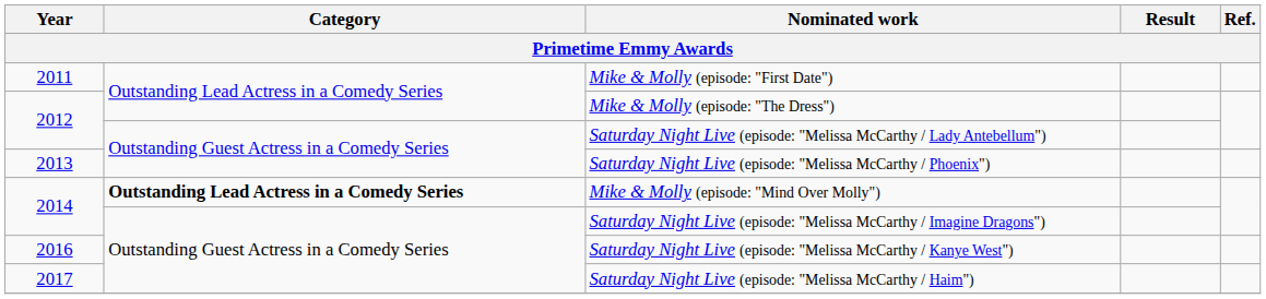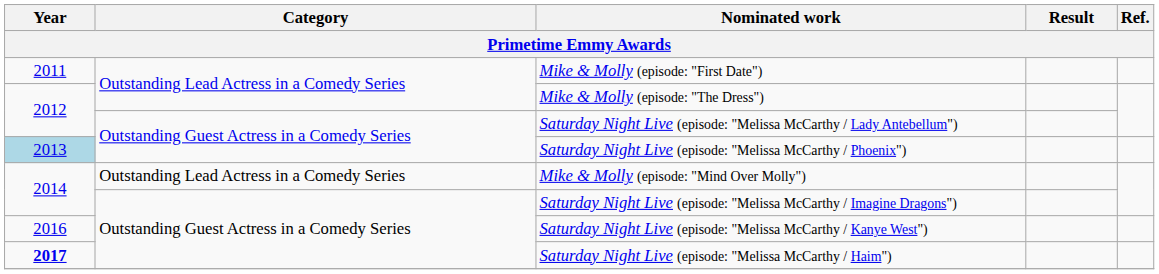 <table class=wikitable>
 <tr>
 <th scope="col" style="width:5em;">Year</th>
 <th scope="col" style="width:26em;">Category</th>
 <th scope="col" style="width:29em;">Nominated work</th>
 <th scope="col" style="width:5em;">Result</th>
 <th>Ref.</th>
 </tr>
 <tr>
 <th colspan=5><a href='#'>Primetime Emmy Awards</a></th>
 </tr>
 <tr>
 <td style="text-align:center;"><a href='#'>2011</a></td>
 <td rowspan="2"><a href='#'>Outstanding Lead Actress in a Comedy Series</a></td>
 <td><em><a href='#'>Mike & Molly</a></em> <small> (episode: "First Date") </small></td>
 <td></td>
 <td style="text-align:center;"></td>
 </tr>
 <tr>
 <td rowspan="2" align="center"><a href='#'>2012</a></td>
 <td><em><a href='#'>Mike & Molly</a></em> <small> (episode: "The Dress") </small></td>
 <td></td>
 <td rowspan=2, style="text-align:center;"></td>
 </tr>
 <tr>
 <td rowspan="2"><a href='#'>Outstanding Guest Actress in a Comedy Series</a></td>
 <td rowspan="1"><em><a href='#'>Saturday Night Live</a></em> <small> (episode: "Melissa McCarthy / <a href='#'>Lady Antebellum</a>") </small></td>
 <td></td>
 </tr>
 <tr>
-<td align="center"><a href='#'>2013</a></td>
+<td align="center" style="background: lightblue;"><a href='#'>2013</a></td>
 <td><em><a href='#'>Saturday Night Live</a></em> <small> (episode: "Melissa McCarthy / <a href='#'>Phoenix</a>") </small></td>
 <td></td>
 <td style="text-align:center;"></td>
 </tr>
 <tr>
 <td rowspan="2" align="center"><a href='#'>2014</a></td>
-<td><strong>Outstanding Lead Actress in a Comedy Series</strong></td>
+<td>Outstanding Lead Actress in a Comedy Series</td>
 <td><em><a href='#'>Mike & Molly</a></em> <small> (episode: "Mind Over Molly") </small></td>
 <td></td>
 <td rowspan=2, style="text-align:center;"></td>
 </tr>
 <tr>
 <td rowspan="3">Outstanding Guest Actress in a Comedy Series</td>
 <td><em><a href='#'>Saturday Night Live</a></em> <small> (episode: "Melissa McCarthy / <a href='#'>Imagine Dragons</a>") </small></td>
 <td></td>
 </tr>
 <tr>
 <td align="center"><a href='#'>2016</a></td>
 <td><em><a href='#'>Saturday Night Live</a></em> <small> (episode: "Melissa McCarthy / <a href='#'>Kanye West</a>") </small></td>
 <td></td>
 <td style="text-align:center;"></td>
 </tr>
 <tr>
-<td align="center"><a href='#'>2017</a></td>
+<td align="center"><strong><a href='#'>2017</a></strong></td>
 <td><em><a href='#'>Saturday Night Live</a></em> <small> (episode: "Melissa McCarthy / <a href='#'>Haim</a>") </small></td>
 <td></td>
 <td style="text-align:center;"></td>
 </tr>
 <tr>
 </tr>
 </table>
